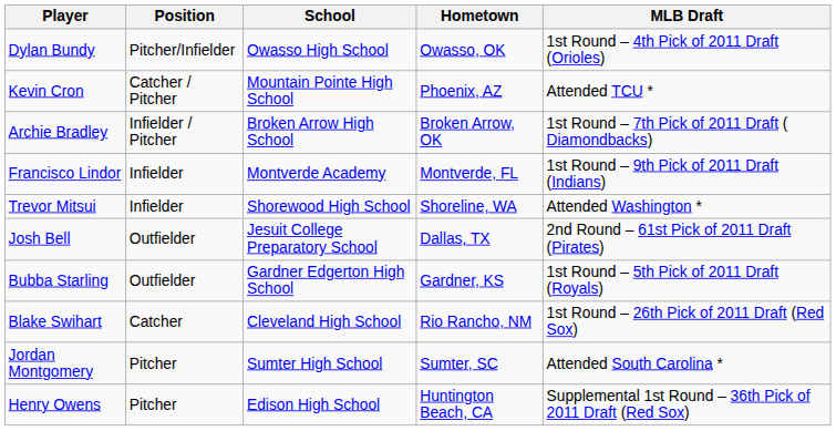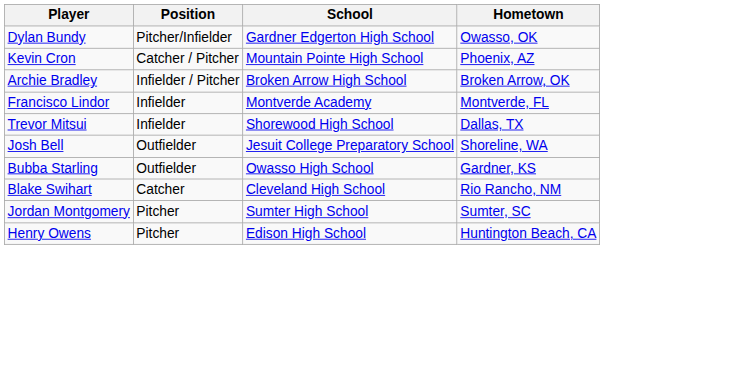 <table class="wikitable">
 <tr>
 <th>Player</th>
 <th>Position</th>
 <th>School</th>
 <th>Hometown</th>
-<th>MLB Draft</th>
 </tr>
 <tr>
 <td><a href='#'>Dylan Bundy</a></td>
 <td>Pitcher/Infielder</td>
-<td><a href='#'>Owasso High School</a></td>
+<td><a href='#'>Gardner Edgerton High School</a></td>
 <td><a href='#'>Owasso, OK</a></td>
-<td>1st Round – <a href='#'>4th Pick of 2011 Draft</a> (<a href='#'>Orioles</a>)</td>
 </tr>
 <tr>
 <td><a href='#'>Kevin Cron</a></td>
 <td>Catcher / Pitcher</td>
 <td><a href='#'>Mountain Pointe High School</a></td>
 <td><a href='#'>Phoenix, AZ</a></td>
-<td>Attended <a href='#'>TCU</a> *</td>
 </tr>
 <tr>
 <td><a href='#'>Archie Bradley</a></td>
 <td>Infielder / Pitcher</td>
 <td><a href='#'>Broken Arrow High School</a></td>
 <td><a href='#'>Broken Arrow, OK</a></td>
-<td>1st Round – <a href='#'>7th Pick of 2011 Draft</a> (<a href='#'> Diamondbacks</a>)</td>
 </tr>
 <tr>
 <td><a href='#'>Francisco Lindor</a></td>
 <td>Infielder</td>
 <td><a href='#'>Montverde Academy</a></td>
 <td><a href='#'>Montverde, FL</a></td>
-<td>1st Round – <a href='#'>9th Pick of 2011 Draft</a> (<a href='#'>Indians</a>)</td>
 </tr>
 <tr>
 <td><a href='#'>Trevor Mitsui</a></td>
 <td>Infielder</td>
 <td><a href='#'>Shorewood High School</a></td>
-<td><a href='#'>Shoreline, WA</a></td>
-<td>Attended <a href='#'>Washington</a> *</td>
+<td><a href='#'>Dallas, TX</a></td>
 </tr>
 <tr>
 <td><a href='#'>Josh Bell</a></td>
 <td>Outfielder</td>
 <td><a href='#'>Jesuit College Preparatory School</a></td>
-<td><a href='#'>Dallas, TX</a></td>
-<td>2nd Round – <a href='#'>61st Pick of 2011 Draft</a> (<a href='#'>Pirates</a>)</td>
+<td><a href='#'>Shoreline, WA</a></td>
 </tr>
 <tr>
 <td><a href='#'>Bubba Starling</a></td>
 <td>Outfielder</td>
-<td><a href='#'>Gardner Edgerton High School</a></td>
+<td><a href='#'>Owasso High School</a></td>
 <td><a href='#'>Gardner, KS</a></td>
-<td>1st Round – <a href='#'>5th Pick of 2011 Draft</a> (<a href='#'>Royals</a>)</td>
 </tr>
 <tr>
 <td><a href='#'>Blake Swihart</a></td>
 <td>Catcher</td>
 <td><a href='#'>Cleveland High School</a></td>
 <td><a href='#'>Rio Rancho, NM</a></td>
-<td>1st Round – <a href='#'>26th Pick of 2011 Draft</a> (<a href='#'>Red Sox</a>)</td>
 </tr>
 <tr>
 <td><a href='#'>Jordan Montgomery</a></td>
 <td>Pitcher</td>
 <td><a href='#'>Sumter High School</a></td>
 <td><a href='#'>Sumter, SC</a></td>
-<td>Attended <a href='#'>South Carolina</a> *</td>
 </tr>
 <tr>
 <td><a href='#'>Henry Owens</a></td>
 <td>Pitcher</td>
 <td><a href='#'>Edison High School</a></td>
 <td><a href='#'>Huntington Beach, CA</a></td>
-<td>Supplemental 1st Round – <a href='#'>36th Pick of 2011 Draft</a> (<a href='#'>Red Sox</a>)</td>
 </tr>
 </table>
